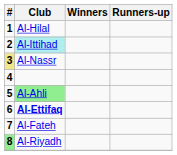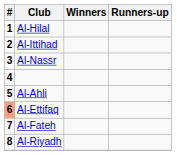 <table class="wikitable sortable">
 <tr>
 <th>#</th>
 <th>Club</th>
 <th>Winners</th>
 <th>Runners-up</th>
 </tr>
 <tr>
 <td><strong>1</strong></td>
 <td><a href='#'>Al-Hilal</a></td>
 <td></td>
 <td></td>
 </tr>
 <tr>
 <td><strong>2</strong></td>
-<td style="background: paleturquoise;"><a href='#'>Al-Ittihad</a></td>
+<td><a href='#'>Al-Ittihad</a></td>
 <td></td>
 <td></td>
 </tr>
 <tr>
-<td style="background: khaki;"><strong>3</strong></td>
+<td><strong>3</strong></td>
 <td><a href='#'>Al-Nassr</a></td>
 <td></td>
 <td></td>
 </tr>
 <tr>
 <td><strong>4</strong></td>
 <td></td>
 <td></td>
 <td></td>
 </tr>
 <tr>
 <td><strong>5</strong></td>
-<td style="background: lightgreen;"><a href='#'>Al-Ahli</a></td>
+<td><a href='#'>Al-Ahli</a></td>
 <td></td>
 <td></td>
 </tr>
 <tr>
-<td><strong>6</strong></td>
-<td><strong><a href='#'>Al-Ettifaq</a></strong></td>
+<td style="background: lightsalmon;"><strong>6</strong></td>
+<td><a href='#'>Al-Ettifaq</a></td>
 <td></td>
 <td></td>
 </tr>
 <tr>
 <td><strong>7</strong></td>
 <td><a href='#'>Al-Fateh</a></td>
 <td></td>
 <td></td>
 </tr>
 <tr>
-<td style="background: lightgreen;"><strong>8</strong></td>
+<td><strong>8</strong></td>
 <td><a href='#'>Al-Riyadh</a></td>
 <td></td>
 <td></td>
 </tr>
 <tr>
 </tr>
 </table>
